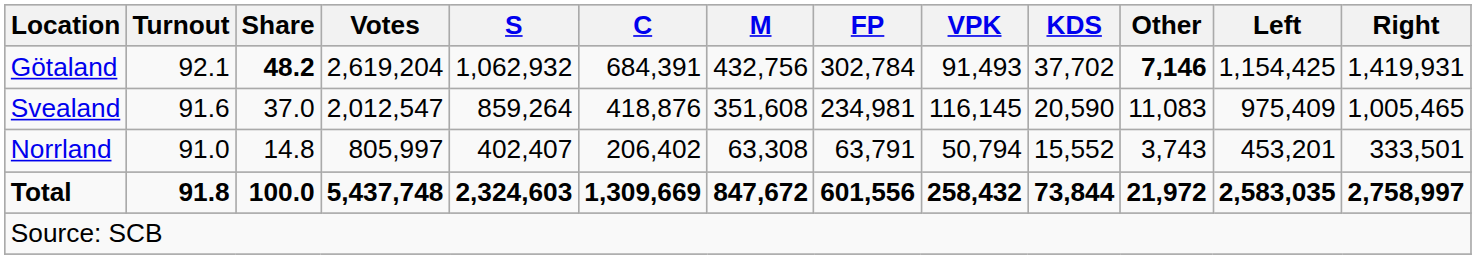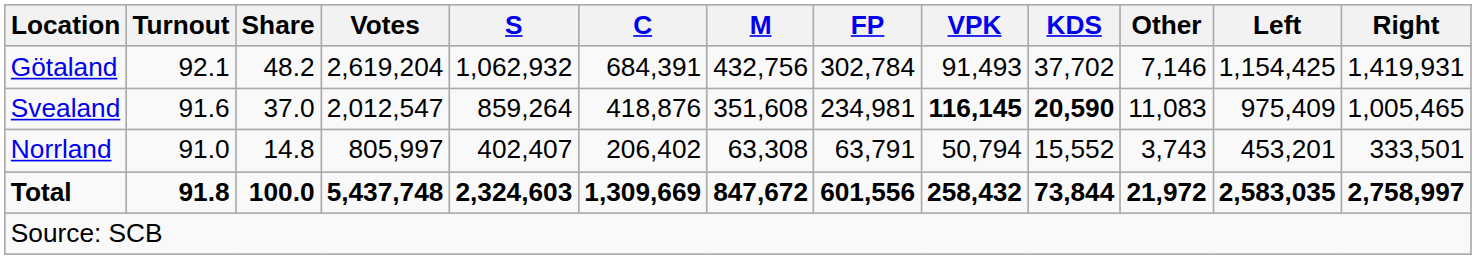 <table class="wikitable sortable" style=text-align:right>
 <tr>
 <th>Location</th>
 <th>Turnout</th>
 <th>Share</th>
 <th>Votes</th>
 <th><a href='#'>S</a></th>
 <th><a href='#'>C</a></th>
 <th><a href='#'>M</a></th>
 <th><a href='#'>FP</a></th>
 <th><a href='#'>VPK</a></th>
 <th><a href='#'>KDS</a></th>
 <th>Other</th>
 <th>Left</th>
 <th>Right</th>
 </tr>
 <tr>
 <td align=left><a href='#'>Götaland</a></td>
 <td>92.1</td>
-<td><strong>48.2</strong></td>
+<td>48.2</td>
 <td>2,619,204</td>
 <td>1,062,932</td>
 <td>684,391</td>
 <td>432,756</td>
 <td>302,784</td>
 <td>91,493</td>
 <td>37,702</td>
-<td><strong>7,146</strong></td>
+<td>7,146</td>
 <td>1,154,425</td>
 <td>1,419,931</td>
 </tr>
 <tr>
 <td align=left><a href='#'>Svealand</a></td>
 <td>91.6</td>
 <td>37.0</td>
 <td>2,012,547</td>
 <td>859,264</td>
 <td>418,876</td>
 <td>351,608</td>
 <td>234,981</td>
-<td>116,145</td>
-<td>20,590</td>
+<td><strong>116,145</strong></td>
+<td><strong>20,590</strong></td>
 <td>11,083</td>
 <td>975,409</td>
 <td>1,005,465</td>
 </tr>
 <tr>
 <td align=left><a href='#'>Norrland</a></td>
 <td>91.0</td>
 <td>14.8</td>
 <td>805,997</td>
 <td>402,407</td>
 <td>206,402</td>
 <td>63,308</td>
 <td>63,791</td>
 <td>50,794</td>
 <td>15,552</td>
 <td>3,743</td>
 <td>453,201</td>
 <td>333,501</td>
 </tr>
 <tr>
 <td align=left><strong>Total</strong></td>
 <td><strong>91.8</strong></td>
 <td><strong>100.0</strong></td>
 <td><strong>5,437,748</strong></td>
 <td><strong>2,324,603</strong></td>
 <td><strong>1,309,669</strong></td>
 <td><strong>847,672</strong></td>
 <td><strong>601,556</strong></td>
 <td><strong>258,432</strong></td>
 <td><strong>73,844</strong></td>
 <td><strong>21,972</strong></td>
 <td><strong>2,583,035</strong></td>
 <td><strong>2,758,997</strong></td>
 </tr>
 <tr>
 <td align=left colspan=14>Source: SCB </td>
 </tr>
 </table>
